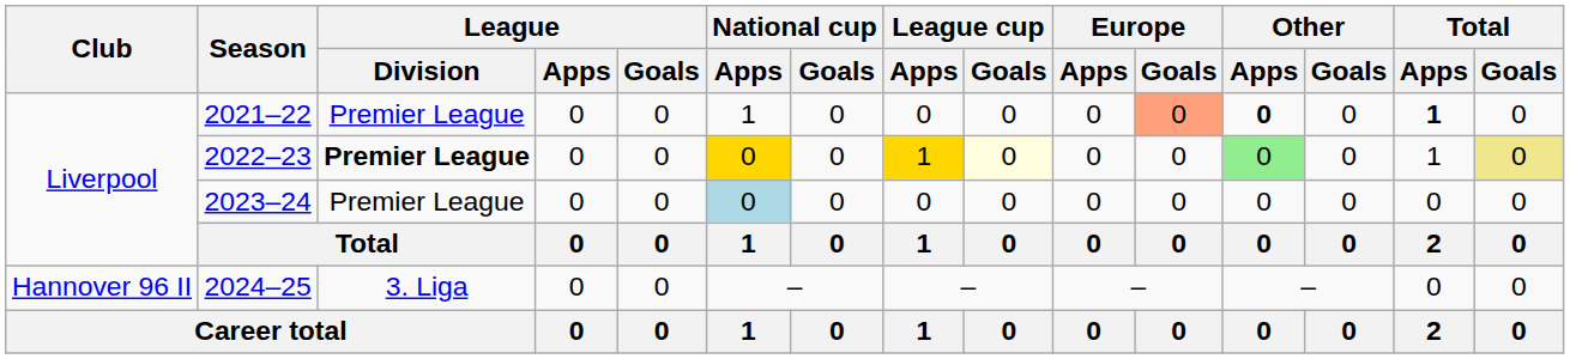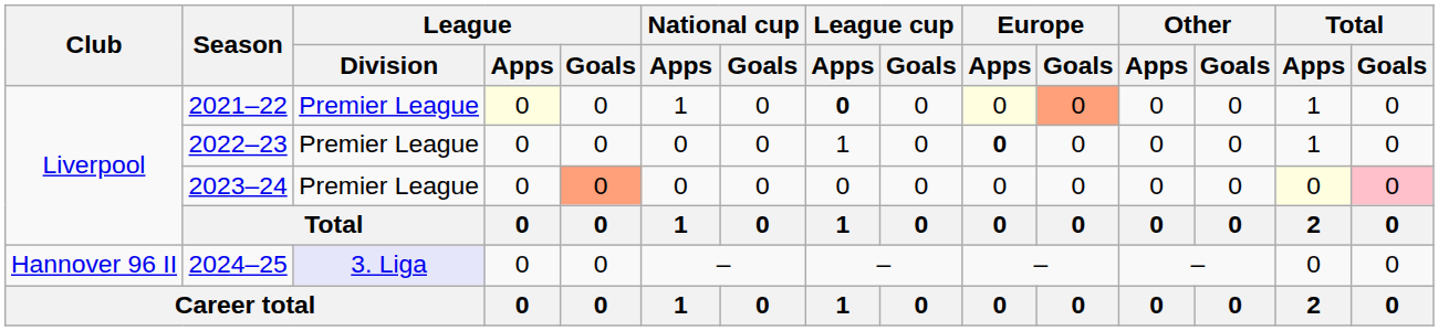 <table class="wikitable" style="text-align:center">
 <tr>
 <th rowspan="2">Club</th>
 <th rowspan="2">Season</th>
 <th colspan="3">League</th>
 <th colspan="2">National cup</th>
 <th colspan="2">League cup</th>
 <th colspan="2">Europe</th>
 <th colspan="2">Other</th>
 <th colspan="2">Total</th>
 </tr>
 <tr>
 <th>Division</th>
 <th>Apps</th>
 <th>Goals</th>
 <th>Apps</th>
 <th>Goals</th>
 <th>Apps</th>
 <th>Goals</th>
 <th>Apps</th>
 <th>Goals</th>
 <th>Apps</th>
 <th>Goals</th>
 <th>Apps</th>
 <th>Goals</th>
 </tr>
 <tr>
 <td rowspan="4"><a href='#'>Liverpool</a></td>
 <td><a href='#'>2021–22</a></td>
 <td><a href='#'>Premier League</a></td>
+<td style="background: lightyellow;">0</td>
+<td>0</td>
+<td>1</td>
+<td>0</td>
+<td><strong>0</strong></td>
+<td>0</td>
+<td style="background: lightyellow;">0</td>
+<td style="background: lightsalmon;">0</td>
 <td>0</td>
 <td>0</td>
 <td>1</td>
 <td>0</td>
+</tr>
+<tr>
+<td><a href='#'>2022–23</a></td>
+<td>Premier League</td>
 <td>0</td>
 <td>0</td>
 <td>0</td>
-<td style="background: lightsalmon;">0</td>
+<td>0</td>
+<td>1</td>
+<td>0</td>
 <td><strong>0</strong></td>
 <td>0</td>
-<td><strong>1</strong></td>
-<td>0</td>
-</tr>
-<tr>
-<td><a href='#'>2022–23</a></td>
-<td><strong>Premier League</strong></td>
 <td>0</td>
 <td>0</td>
-<td style="background: gold;">0</td>
+<td>1</td>
 <td>0</td>
-<td style="background: gold;">1</td>
-<td style="background: lightyellow;">0</td>
-<td>0</td>
-<td>0</td>
-<td style="background: lightgreen;">0</td>
-<td>0</td>
-<td>1</td>
-<td style="background: khaki;">0</td>
 </tr>
 <tr>
 <td><a href='#'>2023–24</a></td>
 <td>Premier League</td>
 <td>0</td>
-<td>0</td>
-<td style="background: lightblue;">0</td>
+<td style="background: lightsalmon;">0</td>
 <td>0</td>
 <td>0</td>
 <td>0</td>
 <td>0</td>
 <td>0</td>
 <td>0</td>
 <td>0</td>
 <td>0</td>
-<td>0</td>
+<td style="background: lightyellow;">0</td>
+<td style="background: pink;">0</td>
 </tr>
 <tr>
 <th colspan="2">Total</th>
 <th>0</th>
 <th>0</th>
 <th>1</th>
 <th>0</th>
 <th>1</th>
 <th>0</th>
 <th>0</th>
 <th>0</th>
 <th>0</th>
 <th>0</th>
 <th>2</th>
 <th>0</th>
 </tr>
 <tr>
 <td><a href='#'>Hannover 96 II</a></td>
 <td><a href='#'>2024–25</a></td>
-<td><a href='#'>3. Liga</a></td>
+<td style="background: lavender;"><a href='#'>3. Liga</a></td>
 <td>0</td>
 <td>0</td>
 <td colspan="2">–</td>
 <td colspan="2">–</td>
 <td colspan="2">–</td>
 <td colspan="2">–</td>
 <td>0</td>
 <td>0</td>
 </tr>
 <tr>
 <th colspan="3">Career total</th>
 <th>0</th>
 <th>0</th>
 <th>1</th>
 <th>0</th>
 <th>1</th>
 <th>0</th>
 <th>0</th>
 <th>0</th>
 <th>0</th>
 <th>0</th>
 <th>2</th>
 <th>0</th>
 </tr>
 </table>
